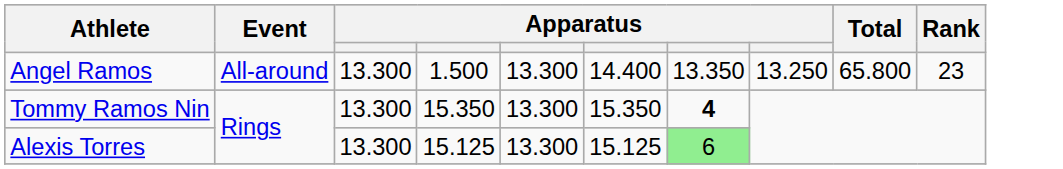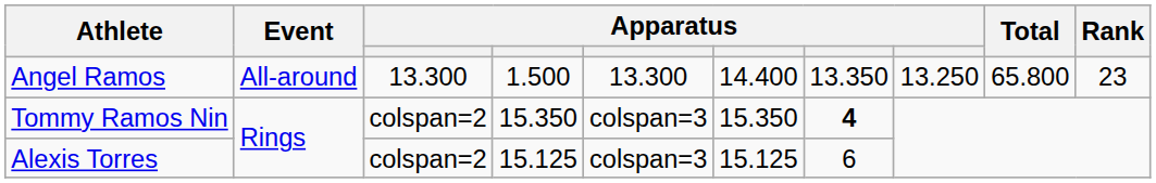 <table class="wikitable" style="font-size:90%">
 <tr>
 <th rowspan=2>Athlete</th>
 <th rowspan=2>Event</th>
 <th colspan=6>Apparatus</th>
 <th rowspan=2>Total</th>
 <th rowspan=2>Rank</th>
 </tr>
 <tr style="font-size:95%">
 <th></th>
 <th></th>
 <th></th>
 <th></th>
 <th></th>
 <th></th>
 </tr>
 <tr align=center>
 <td align=left><a href='#'>Angel Ramos</a></td>
 <td align=left><a href='#'>All-around</a></td>
 <td>13.300</td>
 <td>1.500</td>
 <td>13.300</td>
 <td>14.400</td>
 <td>13.350</td>
 <td>13.250</td>
 <td>65.800</td>
 <td>23</td>
 </tr>
 <tr align=center>
 <td align=left><a href='#'>Tommy Ramos Nin</a></td>
 <td align=left rowspan=2><a href='#'>Rings</a></td>
-<td>13.300</td>
+<td>colspan=2 </td>
 <td>15.350</td>
-<td>13.300</td>
+<td>colspan=3 </td>
 <td>15.350</td>
 <td><strong>4</strong></td>
 </tr>
 <tr align=center>
 <td align=left><a href='#'>Alexis Torres</a></td>
-<td>13.300</td>
+<td>colspan=2 </td>
 <td>15.125</td>
-<td>13.300</td>
+<td>colspan=3 </td>
 <td>15.125</td>
-<td style="background: lightgreen;">6</td>
+<td>6</td>
 </tr>
 </table>
